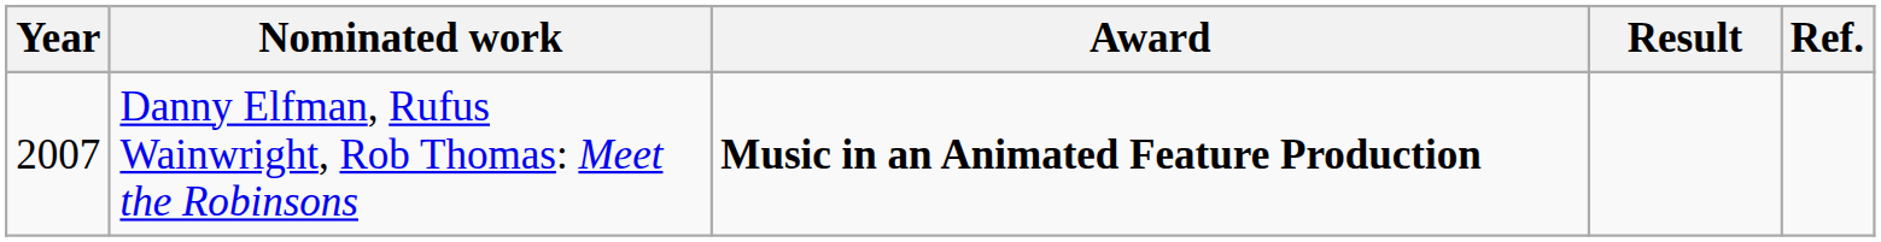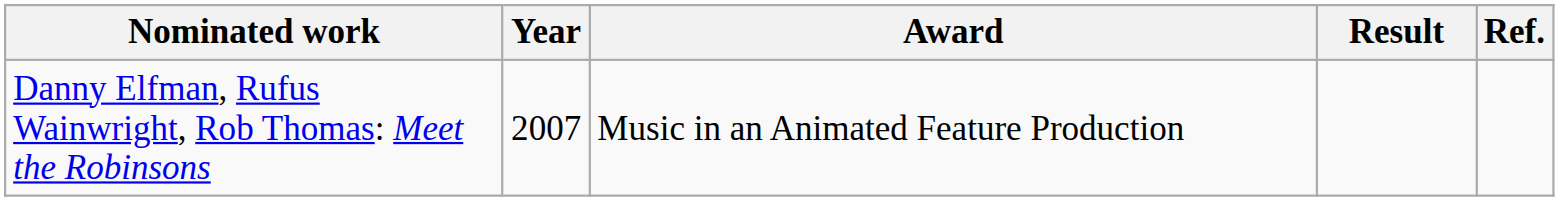 <table class="wikitable">
 <tr>
+<th width="220">Nominated work</th>
 <th>Year</th>
-<th width="220">Nominated work</th>
 <th width="325">Award</th>
 <th width="65">Result</th>
 <th>Ref.</th>
 </tr>
 <tr>
+<td><a href='#'>Danny Elfman</a>, <a href='#'>Rufus Wainwright</a>, <a href='#'>Rob Thomas</a>: <em><a href='#'>Meet the Robinsons</a></em></td>
 <td align="center">2007</td>
-<td><a href='#'>Danny Elfman</a>, <a href='#'>Rufus Wainwright</a>, <a href='#'>Rob Thomas</a>: <em><a href='#'>Meet the Robinsons</a></em></td>
-<td><strong>Music in an Animated Feature Production</strong></td>
+<td>Music in an Animated Feature Production</td>
 <td></td>
 <td align="center"></td>
 </tr>
 </table>
